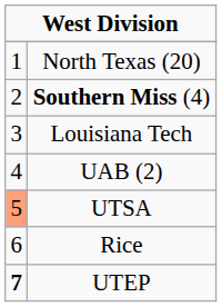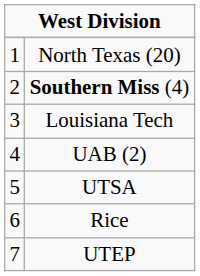 <table class="wikitable">
 <tr align="center">
 <td align="center" Colspan="2"><strong>West Division</strong></td>
 </tr>
 <tr align="center">
 </tr>
 <tr align="center">
 <td>1</td>
 <td>North Texas (20)</td>
 </tr>
 <tr align="center">
 <td>2</td>
 <td><strong>Southern Miss</strong> (4)</td>
 </tr>
 <tr align="center">
 <td>3</td>
 <td>Louisiana Tech</td>
 </tr>
 <tr align="center">
 <td>4</td>
 <td>UAB (2)</td>
 </tr>
 <tr align="center">
-<td style="background: lightsalmon;">5</td>
+<td>5</td>
 <td>UTSA</td>
 </tr>
 <tr align="center">
 <td>6</td>
 <td>Rice</td>
 </tr>
 <tr align="center">
-<td><strong>7</strong></td>
+<td>7</td>
 <td>UTEP</td>
 </tr>
 </table>
